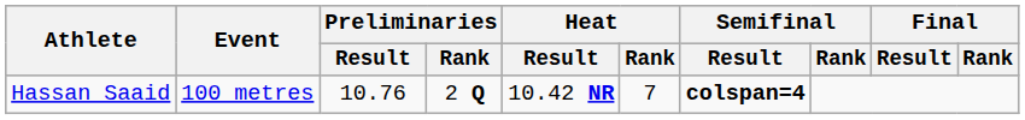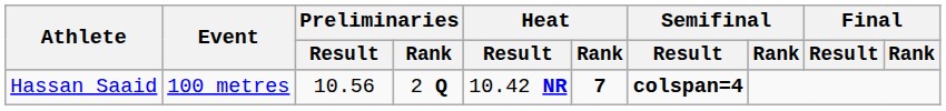 <table class="wikitable" style="font-size:90%">
 <tr>
 <th rowspan="2">Athlete</th>
 <th rowspan="2">Event</th>
 <th colspan="2">Preliminaries</th>
 <th colspan="2">Heat</th>
 <th colspan="2">Semifinal</th>
 <th colspan="2">Final</th>
 </tr>
 <tr style="font-size:95%">
 <th>Result</th>
 <th>Rank</th>
 <th>Result</th>
 <th>Rank</th>
 <th>Result</th>
 <th>Rank</th>
 <th>Result</th>
 <th>Rank</th>
 </tr>
 <tr style=text-align:center>
 <td style=text-align:left><a href='#'>Hassan Saaid</a></td>
 <td style=text-align:left><a href='#'>100 metres</a></td>
-<td>10.76</td>
+<td>10.56</td>
 <td>2 <strong>Q</strong></td>
 <td>10.42 <strong><a href='#'>NR</a></strong></td>
-<td>7</td>
+<td><strong>7</strong></td>
 <td><strong>colspan=4 </strong></td>
 </tr>
 </table>
